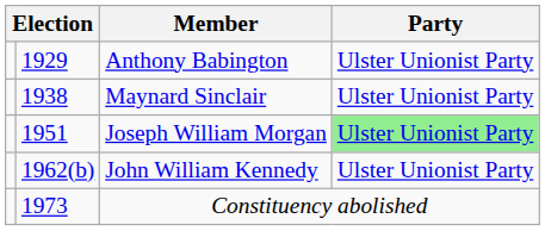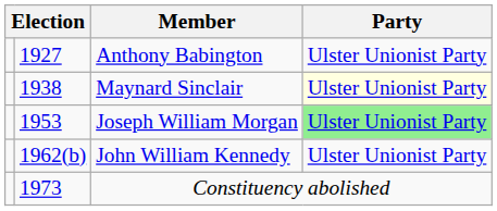 <table class="wikitable">
 <tr>
 <th colspan="2">Election</th>
 <th>Member</th>
 <th>Party</th>
 </tr>
 <tr>
 <td rowspan="1" style="background-color: "></td>
-<td><a href='#'>1929</a></td>
+<td><a href='#'>1927</a></td>
 <td rowspan="1"><a href='#'>Anthony Babington</a></td>
 <td rowspan="1"><a href='#'>Ulster Unionist Party</a></td>
 </tr>
 <tr>
 <td rowspan="1" style="background-color: "></td>
 <td><a href='#'>1938</a></td>
 <td rowspan="1"><a href='#'>Maynard Sinclair</a></td>
-<td rowspan="1"><a href='#'>Ulster Unionist Party</a></td>
+<td rowspan="1" style="background: lightyellow;"><a href='#'>Ulster Unionist Party</a></td>
 </tr>
 <tr>
 <td rowspan="1" style="background-color: "></td>
-<td><a href='#'>1951</a></td>
+<td><a href='#'>1953</a></td>
 <td rowspan="1"><a href='#'>Joseph William Morgan</a></td>
 <td rowspan="1" style="background: lightgreen;"><a href='#'>Ulster Unionist Party</a></td>
 </tr>
 <tr>
 <td rowspan="1" style="background-color: "></td>
 <td><a href='#'>1962(b)</a></td>
 <td rowspan="1"><a href='#'>John William Kennedy</a></td>
 <td rowspan="1"><a href='#'>Ulster Unionist Party</a></td>
 </tr>
 <tr>
 <td></td>
 <td><a href='#'>1973</a></td>
 <td colspan="3" align=center><em>Constituency abolished</em></td>
 </tr>
 </table>
